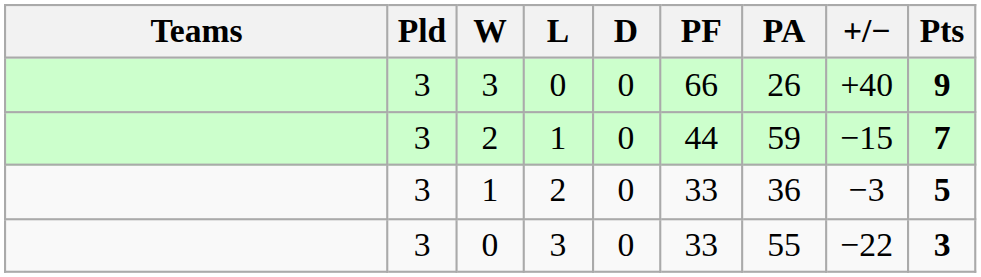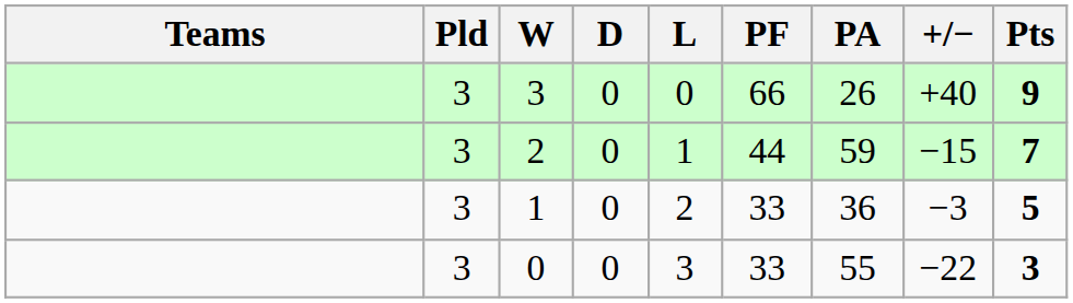 <table class="wikitable" style="text-align: center;">
 <tr>
 <th width="175">Teams</th>
 <th width="25">Pld</th>
 <th width="25">W</th>
+<th width="25">D</th>
 <th width="25">L</th>
-<th width="25">D</th>
 <th width="32">PF</th>
 <th width="32">PA</th>
 <th width="32">+/−</th>
 <th width="25">Pts</th>
 </tr>
 <tr bgcolor=ccffcc>
 <td align=left></td>
 <td>3</td>
 <td>3</td>
 <td>0</td>
 <td>0</td>
 <td>66</td>
 <td>26</td>
 <td>+40</td>
 <td><strong>9</strong></td>
 </tr>
 <tr bgcolor=ccffcc>
 <td align=left></td>
 <td>3</td>
 <td>2</td>
+<td>0</td>
 <td>1</td>
-<td>0</td>
 <td>44</td>
 <td>59</td>
 <td>−15</td>
 <td><strong>7</strong></td>
 </tr>
 <tr>
 <td align=left></td>
 <td>3</td>
 <td>1</td>
+<td>0</td>
 <td>2</td>
-<td>0</td>
 <td>33</td>
 <td>36</td>
 <td>−3</td>
 <td><strong>5</strong></td>
 </tr>
 <tr>
 <td align=left></td>
 <td>3</td>
 <td>0</td>
+<td>0</td>
 <td>3</td>
-<td>0</td>
 <td>33</td>
 <td>55</td>
 <td>−22</td>
 <td><strong>3</strong></td>
 </tr>
 </table>
